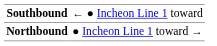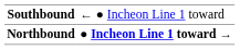 <table border="1" cellspacing="0" cellpadding="3" frame="hsides" rules="rows">
 <tr>
 <th><span>Southbound</span></th>
 <td>← <span>●</span> <a href='#'>Incheon Line 1</a> toward </td>
 </tr>
 <tr>
 <th><span>Northbound</span></th>
-<td> <span>●</span> <a href='#'>Incheon Line 1</a> toward  →</td>
+<td><strong> <span>●</span> <a href='#'>Incheon Line 1</a> toward  →</strong></td>
 </tr>
 </table>
